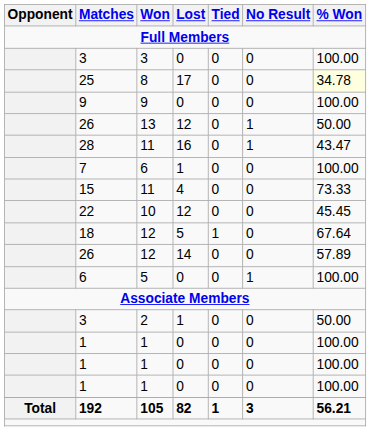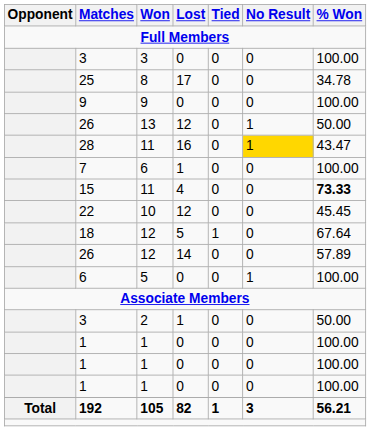 <table class="wikitable plainrowheaders sortable">
 <tr>
 <th scope="col">Opponent</th>
 <th scope="col"><a href='#'>Matches</a></th>
 <th scope="col"><a href='#'>Won</a></th>
 <th scope="col"><a href='#'>Lost</a></th>
 <th scope="col"><a href='#'>Tied</a></th>
 <th scope="col"><a href='#'>No Result</a></th>
 <th scope="col"><a href='#'>% Won</a></th>
 </tr>
 <tr>
 <td style="text-align: center;" colspan="9"><strong><a href='#'>Full Members</a></strong></td>
 </tr>
 <tr>
 <th scope=row></th>
 <td>3</td>
 <td>3</td>
 <td>0</td>
 <td>0</td>
 <td>0</td>
 <td>100.00</td>
 </tr>
 <tr>
 <th scope=row></th>
 <td>25</td>
 <td>8</td>
 <td>17</td>
 <td>0</td>
 <td>0</td>
-<td style="background: lightyellow;">34.78</td>
+<td>34.78</td>
 </tr>
 <tr>
 <th scope=row></th>
 <td>9</td>
 <td>9</td>
 <td>0</td>
 <td>0</td>
 <td>0</td>
 <td>100.00</td>
 </tr>
 <tr>
 <th scope=row></th>
 <td>26</td>
 <td>13</td>
 <td>12</td>
 <td>0</td>
 <td>1</td>
 <td>50.00</td>
 </tr>
 <tr>
 <th scope=row></th>
 <td>28</td>
 <td>11</td>
 <td>16</td>
 <td>0</td>
-<td>1</td>
+<td style="background: gold;">1</td>
 <td>43.47</td>
 </tr>
 <tr>
 <th scope=row></th>
 <td>7</td>
 <td>6</td>
 <td>1</td>
 <td>0</td>
 <td>0</td>
 <td>100.00</td>
 </tr>
 <tr>
 <th scope=row></th>
 <td>15</td>
 <td>11</td>
 <td>4</td>
 <td>0</td>
 <td>0</td>
-<td>73.33</td>
+<td><strong>73.33</strong></td>
 </tr>
 <tr>
 <th scope=row></th>
 <td>22</td>
 <td>10</td>
 <td>12</td>
 <td>0</td>
 <td>0</td>
 <td>45.45</td>
 </tr>
 <tr>
 <th scope=row></th>
 <td>18</td>
 <td>12</td>
 <td>5</td>
 <td>1</td>
 <td>0</td>
 <td>67.64</td>
 </tr>
 <tr>
 <th scope=row></th>
 <td>26</td>
 <td>12</td>
 <td>14</td>
 <td>0</td>
 <td>0</td>
 <td>57.89</td>
 </tr>
 <tr>
 <th scope=row></th>
 <td>6</td>
 <td>5</td>
 <td>0</td>
 <td>0</td>
 <td>1</td>
 <td>100.00</td>
 </tr>
 <tr>
 <td colspan="10" style="text-align: center;"><strong><a href='#'>Associate Members</a></strong></td>
 </tr>
 <tr>
 <th scope=row></th>
 <td>3</td>
 <td>2</td>
 <td>1</td>
 <td>0</td>
 <td>0</td>
 <td>50.00</td>
 </tr>
 <tr>
 <th scope=row></th>
 <td>1</td>
 <td>1</td>
 <td>0</td>
 <td>0</td>
 <td>0</td>
 <td>100.00</td>
 </tr>
 <tr>
 <th scope=row></th>
 <td>1</td>
 <td>1</td>
 <td>0</td>
 <td>0</td>
 <td>0</td>
 <td>100.00</td>
 </tr>
 <tr>
 <th scope=row></th>
 <td>1</td>
 <td>1</td>
 <td>0</td>
 <td>0</td>
 <td>0</td>
 <td>100.00</td>
 </tr>
 <tr>
 </tr>
 <tr class="sortbottom">
 <th scope="row" style="text-align:center"><strong>Total</strong></th>
 <td><strong>192</strong></td>
 <td><strong>105</strong></td>
 <td><strong>82</strong></td>
 <td><strong>1</strong></td>
 <td><strong>3</strong></td>
 <td><strong>56.21</strong></td>
 </tr>
 <tr>
 <td colspan=10></td>
 </tr>
 </table>
